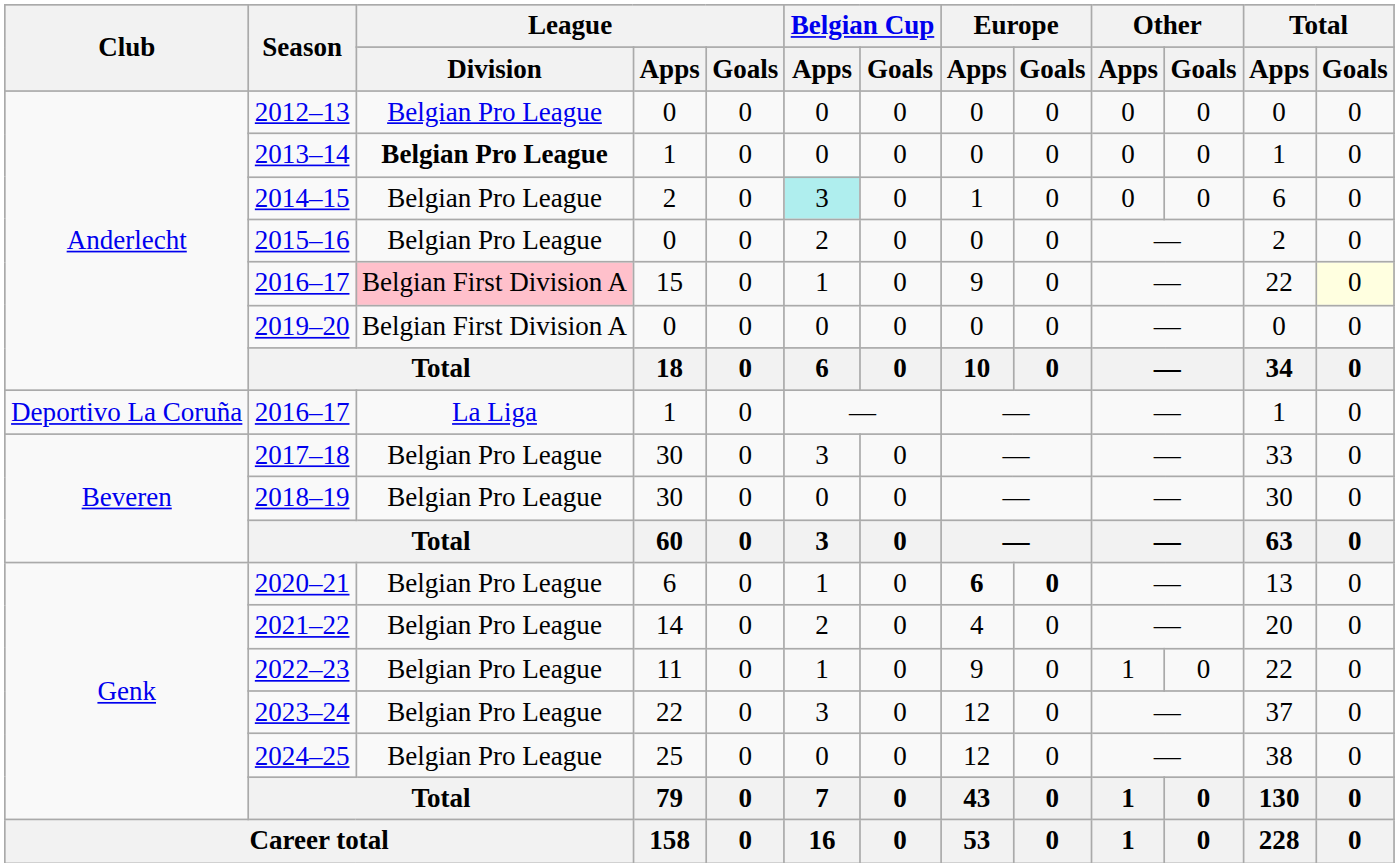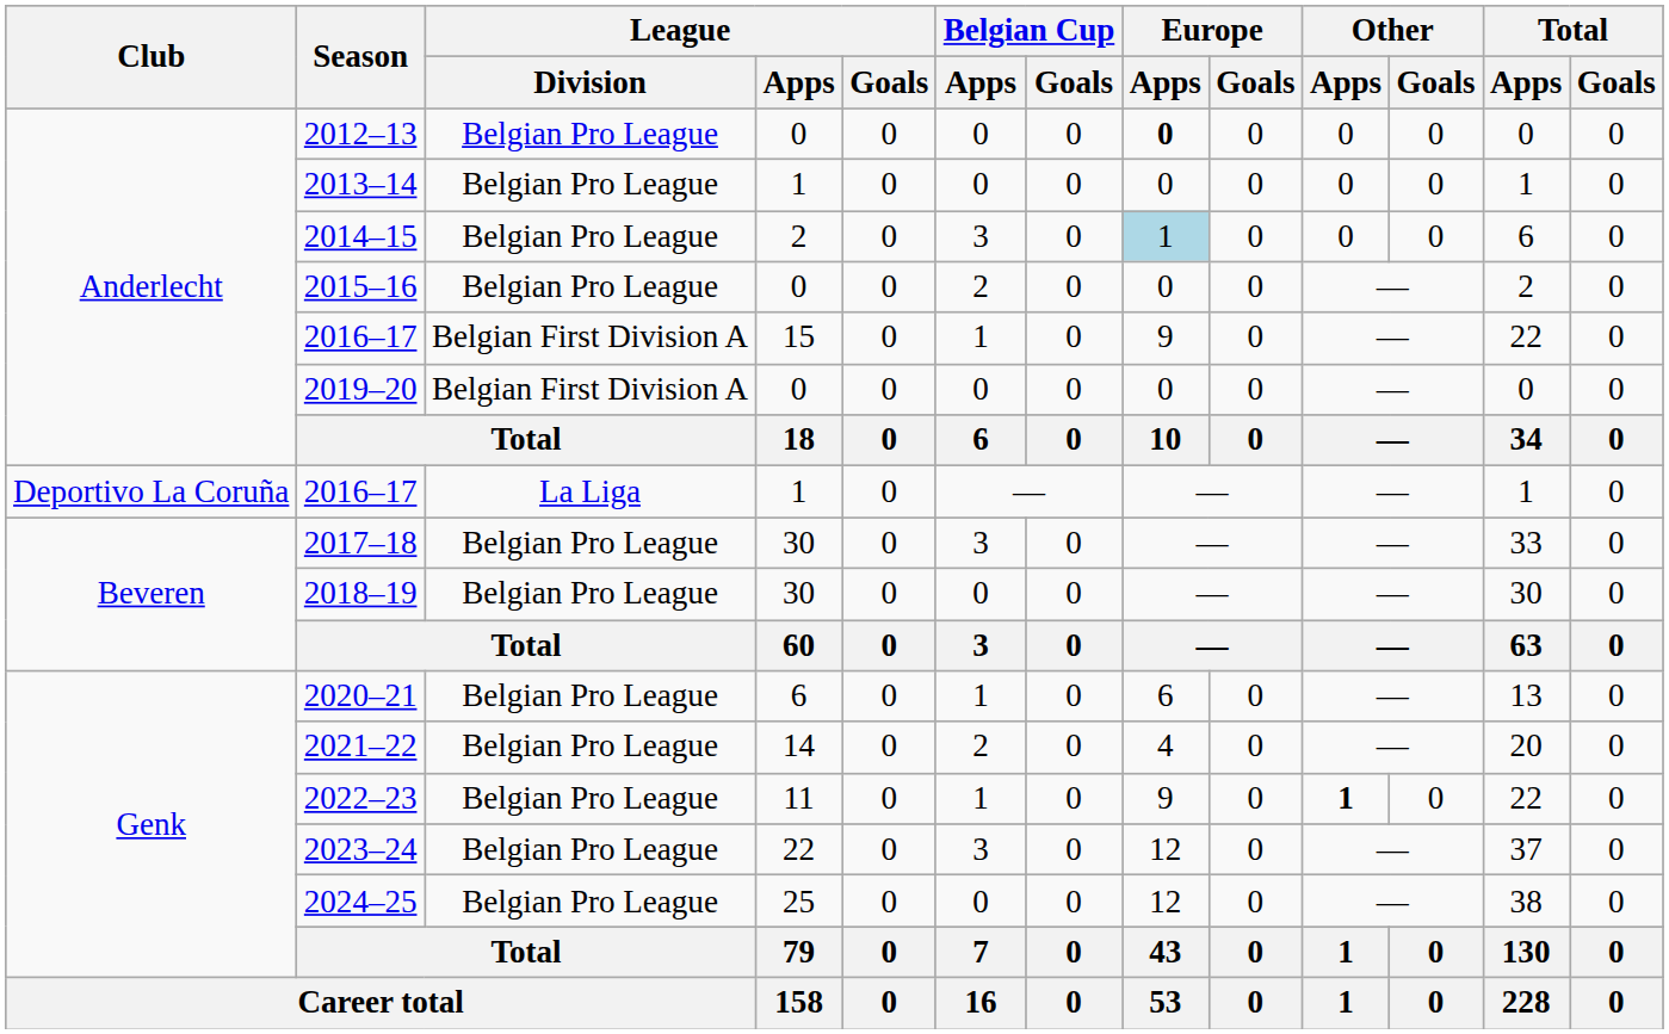 <table class="wikitable" style="text-align:center">
 <tr>
 <th rowspan="2">Club</th>
 <th rowspan="2">Season</th>
 <th colspan="3">League</th>
 <th colspan="2"><a href='#'>Belgian Cup</a></th>
 <th colspan="2">Europe</th>
 <th colspan="2">Other</th>
 <th colspan="2">Total</th>
 </tr>
 <tr>
 <th>Division</th>
 <th>Apps</th>
 <th>Goals</th>
 <th>Apps</th>
 <th>Goals</th>
 <th>Apps</th>
 <th>Goals</th>
 <th>Apps</th>
 <th>Goals</th>
 <th>Apps</th>
 <th>Goals</th>
 </tr>
 <tr>
 <td rowspan="7"><a href='#'>Anderlecht</a></td>
 <td><a href='#'>2012–13</a></td>
 <td><a href='#'>Belgian Pro League</a></td>
 <td>0</td>
 <td>0</td>
 <td>0</td>
 <td>0</td>
-<td>0</td>
+<td><strong>0</strong></td>
 <td>0</td>
 <td>0</td>
 <td>0</td>
 <td>0</td>
 <td>0</td>
 </tr>
 <tr>
 <td><a href='#'>2013–14</a></td>
-<td><strong>Belgian Pro League</strong></td>
+<td>Belgian Pro League</td>
 <td>1</td>
 <td>0</td>
 <td>0</td>
 <td>0</td>
 <td>0</td>
 <td>0</td>
 <td>0</td>
 <td>0</td>
 <td>1</td>
 <td>0</td>
 </tr>
 <tr>
 <td><a href='#'>2014–15</a></td>
 <td>Belgian Pro League</td>
 <td>2</td>
 <td>0</td>
-<td style="background: paleturquoise;">3</td>
+<td>3</td>
 <td>0</td>
-<td>1</td>
+<td style="background: lightblue;">1</td>
 <td>0</td>
 <td>0</td>
 <td>0</td>
 <td>6</td>
 <td>0</td>
 </tr>
 <tr>
 <td><a href='#'>2015–16</a></td>
 <td>Belgian Pro League</td>
 <td>0</td>
 <td>0</td>
 <td>2</td>
 <td>0</td>
 <td>0</td>
 <td>0</td>
 <td colspan="2">—</td>
 <td>2</td>
 <td>0</td>
 </tr>
 <tr>
 <td><a href='#'>2016–17</a></td>
-<td style="background: pink;">Belgian First Division A</td>
+<td>Belgian First Division A</td>
 <td>15</td>
 <td>0</td>
 <td>1</td>
 <td>0</td>
 <td>9</td>
 <td>0</td>
 <td colspan="2">—</td>
 <td>22</td>
-<td style="background: lightyellow;">0</td>
+<td>0</td>
 </tr>
 <tr>
 <td><a href='#'>2019–20</a></td>
 <td>Belgian First Division A</td>
 <td>0</td>
 <td>0</td>
 <td>0</td>
 <td>0</td>
 <td>0</td>
 <td>0</td>
 <td colspan="2">—</td>
 <td>0</td>
 <td>0</td>
 </tr>
 <tr>
 <th colspan="2">Total</th>
 <th>18</th>
 <th>0</th>
 <th>6</th>
 <th>0</th>
 <th>10</th>
 <th>0</th>
 <th colspan="2">—</th>
 <th>34</th>
 <th>0</th>
 </tr>
 <tr>
 <td><a href='#'>Deportivo La Coruña</a></td>
 <td><a href='#'>2016–17</a></td>
 <td><a href='#'>La Liga</a></td>
 <td>1</td>
 <td>0</td>
 <td colspan="2">—</td>
 <td colspan="2">—</td>
 <td colspan="2">—</td>
 <td>1</td>
 <td>0</td>
 </tr>
 <tr>
 <td rowspan="3"><a href='#'>Beveren</a></td>
 <td><a href='#'>2017–18</a></td>
 <td>Belgian Pro League</td>
 <td>30</td>
 <td>0</td>
 <td>3</td>
 <td>0</td>
 <td colspan="2">—</td>
 <td colspan="2">—</td>
 <td>33</td>
 <td>0</td>
 </tr>
 <tr>
 <td><a href='#'>2018–19</a></td>
 <td>Belgian Pro League</td>
 <td>30</td>
 <td>0</td>
 <td>0</td>
 <td>0</td>
 <td colspan="2">—</td>
 <td colspan="2">—</td>
 <td>30</td>
 <td>0</td>
 </tr>
 <tr>
 <th colspan="2">Total</th>
 <th>60</th>
 <th>0</th>
 <th>3</th>
 <th>0</th>
 <th colspan="2">—</th>
 <th colspan="2">—</th>
 <th>63</th>
 <th>0</th>
 </tr>
 <tr>
 <td rowspan="6"><a href='#'>Genk</a></td>
 <td><a href='#'>2020–21</a></td>
 <td>Belgian Pro League</td>
 <td>6</td>
 <td>0</td>
 <td>1</td>
 <td>0</td>
-<td><strong>6</strong></td>
-<td><strong>0</strong></td>
+<td>6</td>
+<td>0</td>
 <td colspan="2">—</td>
 <td>13</td>
 <td>0</td>
 </tr>
 <tr>
 <td><a href='#'>2021–22</a></td>
 <td>Belgian Pro League</td>
 <td>14</td>
 <td>0</td>
 <td>2</td>
 <td>0</td>
 <td>4</td>
 <td>0</td>
 <td colspan="2">—</td>
 <td>20</td>
 <td>0</td>
 </tr>
 <tr>
 <td><a href='#'>2022–23</a></td>
 <td>Belgian Pro League</td>
 <td>11</td>
 <td>0</td>
 <td>1</td>
 <td>0</td>
 <td>9</td>
 <td>0</td>
-<td>1</td>
+<td><strong>1</strong></td>
 <td>0</td>
 <td>22</td>
 <td>0</td>
 </tr>
 <tr>
 <td><a href='#'>2023–24</a></td>
 <td>Belgian Pro League</td>
 <td>22</td>
 <td>0</td>
 <td>3</td>
 <td>0</td>
 <td>12</td>
 <td>0</td>
 <td colspan="2">—</td>
 <td>37</td>
 <td>0</td>
 </tr>
 <tr>
 <td><a href='#'>2024–25</a></td>
 <td>Belgian Pro League</td>
 <td>25</td>
 <td>0</td>
 <td>0</td>
 <td>0</td>
 <td>12</td>
 <td>0</td>
 <td colspan="2">—</td>
 <td>38</td>
 <td>0</td>
 </tr>
 <tr>
 <th colspan="2">Total</th>
 <th>79</th>
 <th>0</th>
 <th>7</th>
 <th>0</th>
 <th>43</th>
 <th>0</th>
 <th>1</th>
 <th>0</th>
 <th>130</th>
 <th>0</th>
 </tr>
 <tr>
 <th colspan="3">Career total</th>
 <th>158</th>
 <th>0</th>
 <th>16</th>
 <th>0</th>
 <th>53</th>
 <th>0</th>
 <th>1</th>
 <th>0</th>
 <th>228</th>
 <th>0</th>
 </tr>
 </table>
